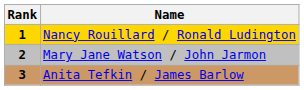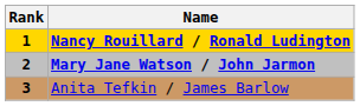 <table class="wikitable">
 <tr>
 <th>Rank</th>
 <th>Name</th>
 </tr>
 <tr bgcolor="gold">
 <td align="center"><strong>1</strong></td>
-<td><a href='#'>Nancy Rouillard</a> / <a href='#'>Ronald Ludington</a></td>
+<td><strong><a href='#'>Nancy Rouillard</a> / <a href='#'>Ronald Ludington</a></strong></td>
 </tr>
 <tr bgcolor="silver">
 <td align="center"><strong>2</strong></td>
-<td><a href='#'>Mary Jane Watson</a> / <a href='#'>John Jarmon</a></td>
+<td><strong><a href='#'>Mary Jane Watson</a> / <a href='#'>John Jarmon</a></strong></td>
 </tr>
 <tr bgcolor="cc9966">
 <td align="center"><strong>3</strong></td>
 <td><a href='#'>Anita Tefkin</a> / <a href='#'>James Barlow</a></td>
 </tr>
 </table>
